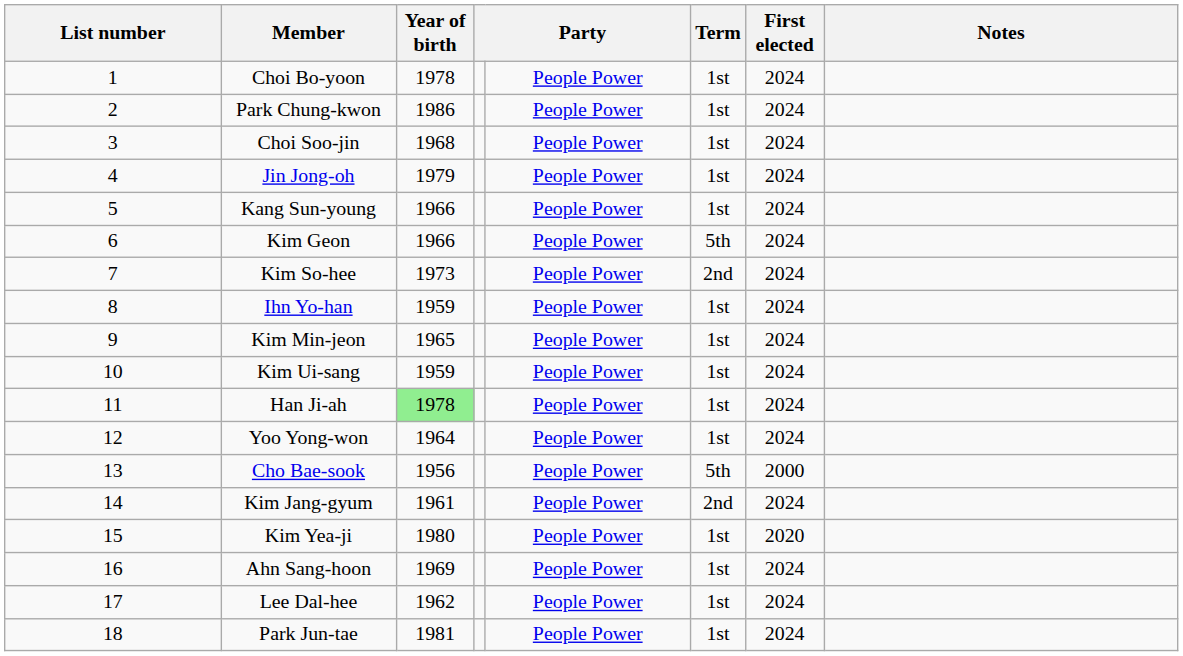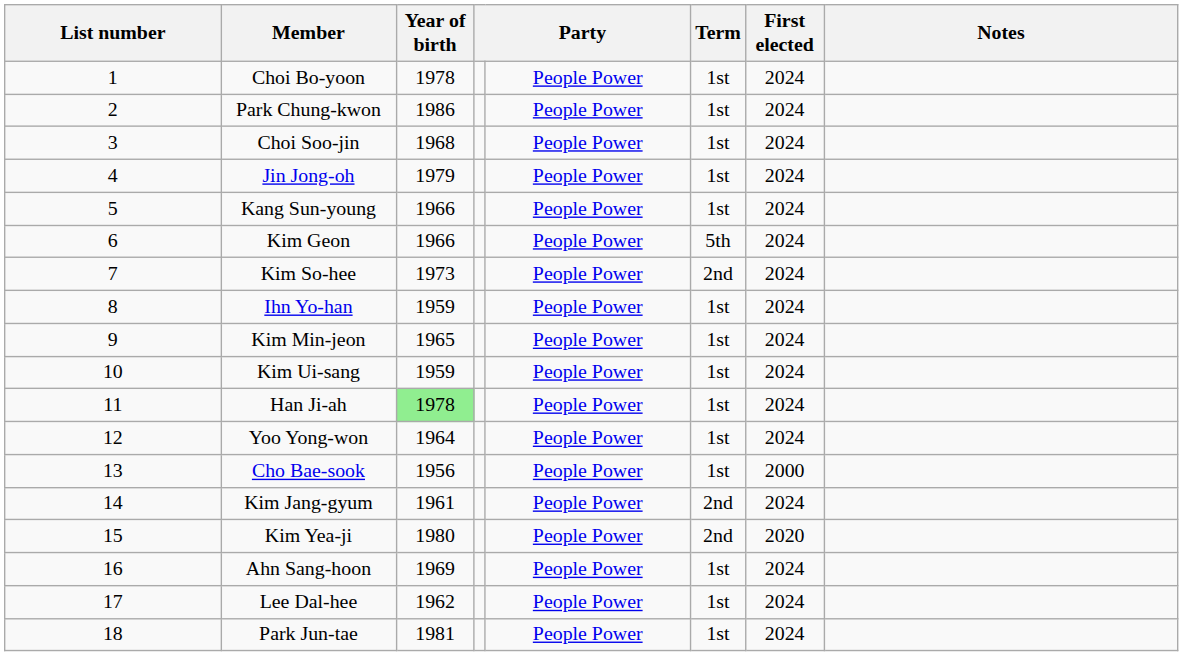 <table class="wikitable sortable" style="font-size:90%; text-align:center">
 <tr>
 <th scope="col" style="width:150px;">List number</th>
 <th scope="col" style="width:120px;">Member</th>
 <th scope="col" style="width:50px;">Year of birth</th>
 <th colspan="2" scope="col" style="width:150px;">Party</th>
 <th scope="col" style="width:20px;">Term</th>
 <th scope="col" style="width:50px;">First elected</th>
 <th scope="col" style="width:250px;" class="unsortable">Notes</th>
 </tr>
 <tr>
 <td>1</td>
 <td>Choi Bo-yoon</td>
 <td>1978</td>
 <td scope="row" width="1" style="background-color:"></td>
 <td><a href='#'>People Power</a></td>
 <td>1st</td>
 <td>2024</td>
 <td></td>
 </tr>
 <tr>
 <td>2</td>
 <td>Park Chung-kwon</td>
 <td>1986</td>
 <td scope="row" width="1" style="background-color:"></td>
 <td><a href='#'>People Power</a></td>
 <td>1st</td>
 <td>2024</td>
 <td></td>
 </tr>
 <tr>
 <td>3</td>
 <td>Choi Soo-jin</td>
 <td>1968</td>
 <td scope="row" width="1" style="background-color:"></td>
 <td><a href='#'>People Power</a></td>
 <td>1st</td>
 <td>2024</td>
 <td></td>
 </tr>
 <tr>
 <td>4</td>
 <td><a href='#'>Jin Jong-oh</a></td>
 <td>1979</td>
 <td scope="row" width="1" style="background-color:"></td>
 <td><a href='#'>People Power</a></td>
 <td>1st</td>
 <td>2024</td>
 <td></td>
 </tr>
 <tr>
 <td>5</td>
 <td>Kang Sun-young</td>
 <td>1966</td>
 <td scope="row" width="1" style="background-color:"></td>
 <td><a href='#'>People Power</a></td>
 <td>1st</td>
 <td>2024</td>
 <td></td>
 </tr>
 <tr>
 <td>6</td>
 <td>Kim Geon</td>
 <td>1966</td>
 <td scope="row" width="1" style="background-color:"></td>
 <td><a href='#'>People Power</a></td>
 <td>5th</td>
 <td>2024</td>
 <td></td>
 </tr>
 <tr>
 <td>7</td>
 <td>Kim So-hee</td>
 <td>1973</td>
 <td scope="row" width="1" style="background-color:"></td>
 <td><a href='#'>People Power</a></td>
 <td>2nd</td>
 <td>2024</td>
 <td></td>
 </tr>
 <tr>
 <td>8</td>
 <td><a href='#'>Ihn Yo-han</a></td>
 <td>1959</td>
 <td scope="row" width="1" style="background-color:"></td>
 <td><a href='#'>People Power</a></td>
 <td>1st</td>
 <td>2024</td>
 <td></td>
 </tr>
 <tr>
 <td>9</td>
 <td>Kim Min-jeon</td>
 <td>1965</td>
 <td scope="row" width="1" style="background-color:"></td>
 <td><a href='#'>People Power</a></td>
 <td>1st</td>
 <td>2024</td>
 <td></td>
 </tr>
 <tr>
 <td>10</td>
 <td>Kim Ui-sang</td>
 <td>1959</td>
 <td scope="row" width="1" style="background-color:"></td>
 <td><a href='#'>People Power</a></td>
 <td>1st</td>
 <td>2024</td>
 <td></td>
 </tr>
 <tr>
 <td>11</td>
 <td>Han Ji-ah</td>
 <td style="background: lightgreen;">1978</td>
 <td scope="row" width="1" style="background-color:"></td>
 <td><a href='#'>People Power</a></td>
 <td>1st</td>
 <td>2024</td>
 <td></td>
 </tr>
 <tr>
 <td>12</td>
 <td>Yoo Yong-won</td>
 <td>1964</td>
 <td scope="row" width="1" style="background-color:"></td>
 <td><a href='#'>People Power</a></td>
 <td>1st</td>
 <td>2024</td>
 <td></td>
 </tr>
 <tr>
 <td>13</td>
 <td><a href='#'>Cho Bae-sook</a></td>
 <td>1956</td>
 <td scope="row" width="1" style="background-color:"></td>
 <td><a href='#'>People Power</a></td>
-<td>5th</td>
+<td>1st</td>
 <td>2000</td>
 <td></td>
 </tr>
 <tr>
 <td>14</td>
 <td>Kim Jang-gyum</td>
 <td>1961</td>
 <td scope="row" width="1" style="background-color:"></td>
 <td><a href='#'>People Power</a></td>
 <td>2nd</td>
 <td>2024</td>
 <td></td>
 </tr>
 <tr>
 <td>15</td>
 <td>Kim Yea-ji</td>
 <td>1980</td>
 <td scope="row" width="1" style="background-color:"></td>
 <td><a href='#'>People Power</a></td>
-<td>1st</td>
+<td>2nd</td>
 <td>2020</td>
 <td></td>
 </tr>
 <tr>
 <td>16</td>
 <td>Ahn Sang-hoon</td>
 <td>1969</td>
 <td scope="row" width="1" style="background-color:"></td>
 <td><a href='#'>People Power</a></td>
 <td>1st</td>
 <td>2024</td>
 <td></td>
 </tr>
 <tr>
 <td>17</td>
 <td>Lee Dal-hee</td>
 <td>1962</td>
 <td scope="row" width="1" style="background-color:"></td>
 <td><a href='#'>People Power</a></td>
 <td>1st</td>
 <td>2024</td>
 <td></td>
 </tr>
 <tr>
 <td>18</td>
 <td>Park Jun-tae</td>
 <td>1981</td>
 <td scope="row" width="1" style="background-color:"></td>
 <td><a href='#'>People Power</a></td>
 <td>1st</td>
 <td>2024</td>
 <td></td>
 </tr>
 </table>
